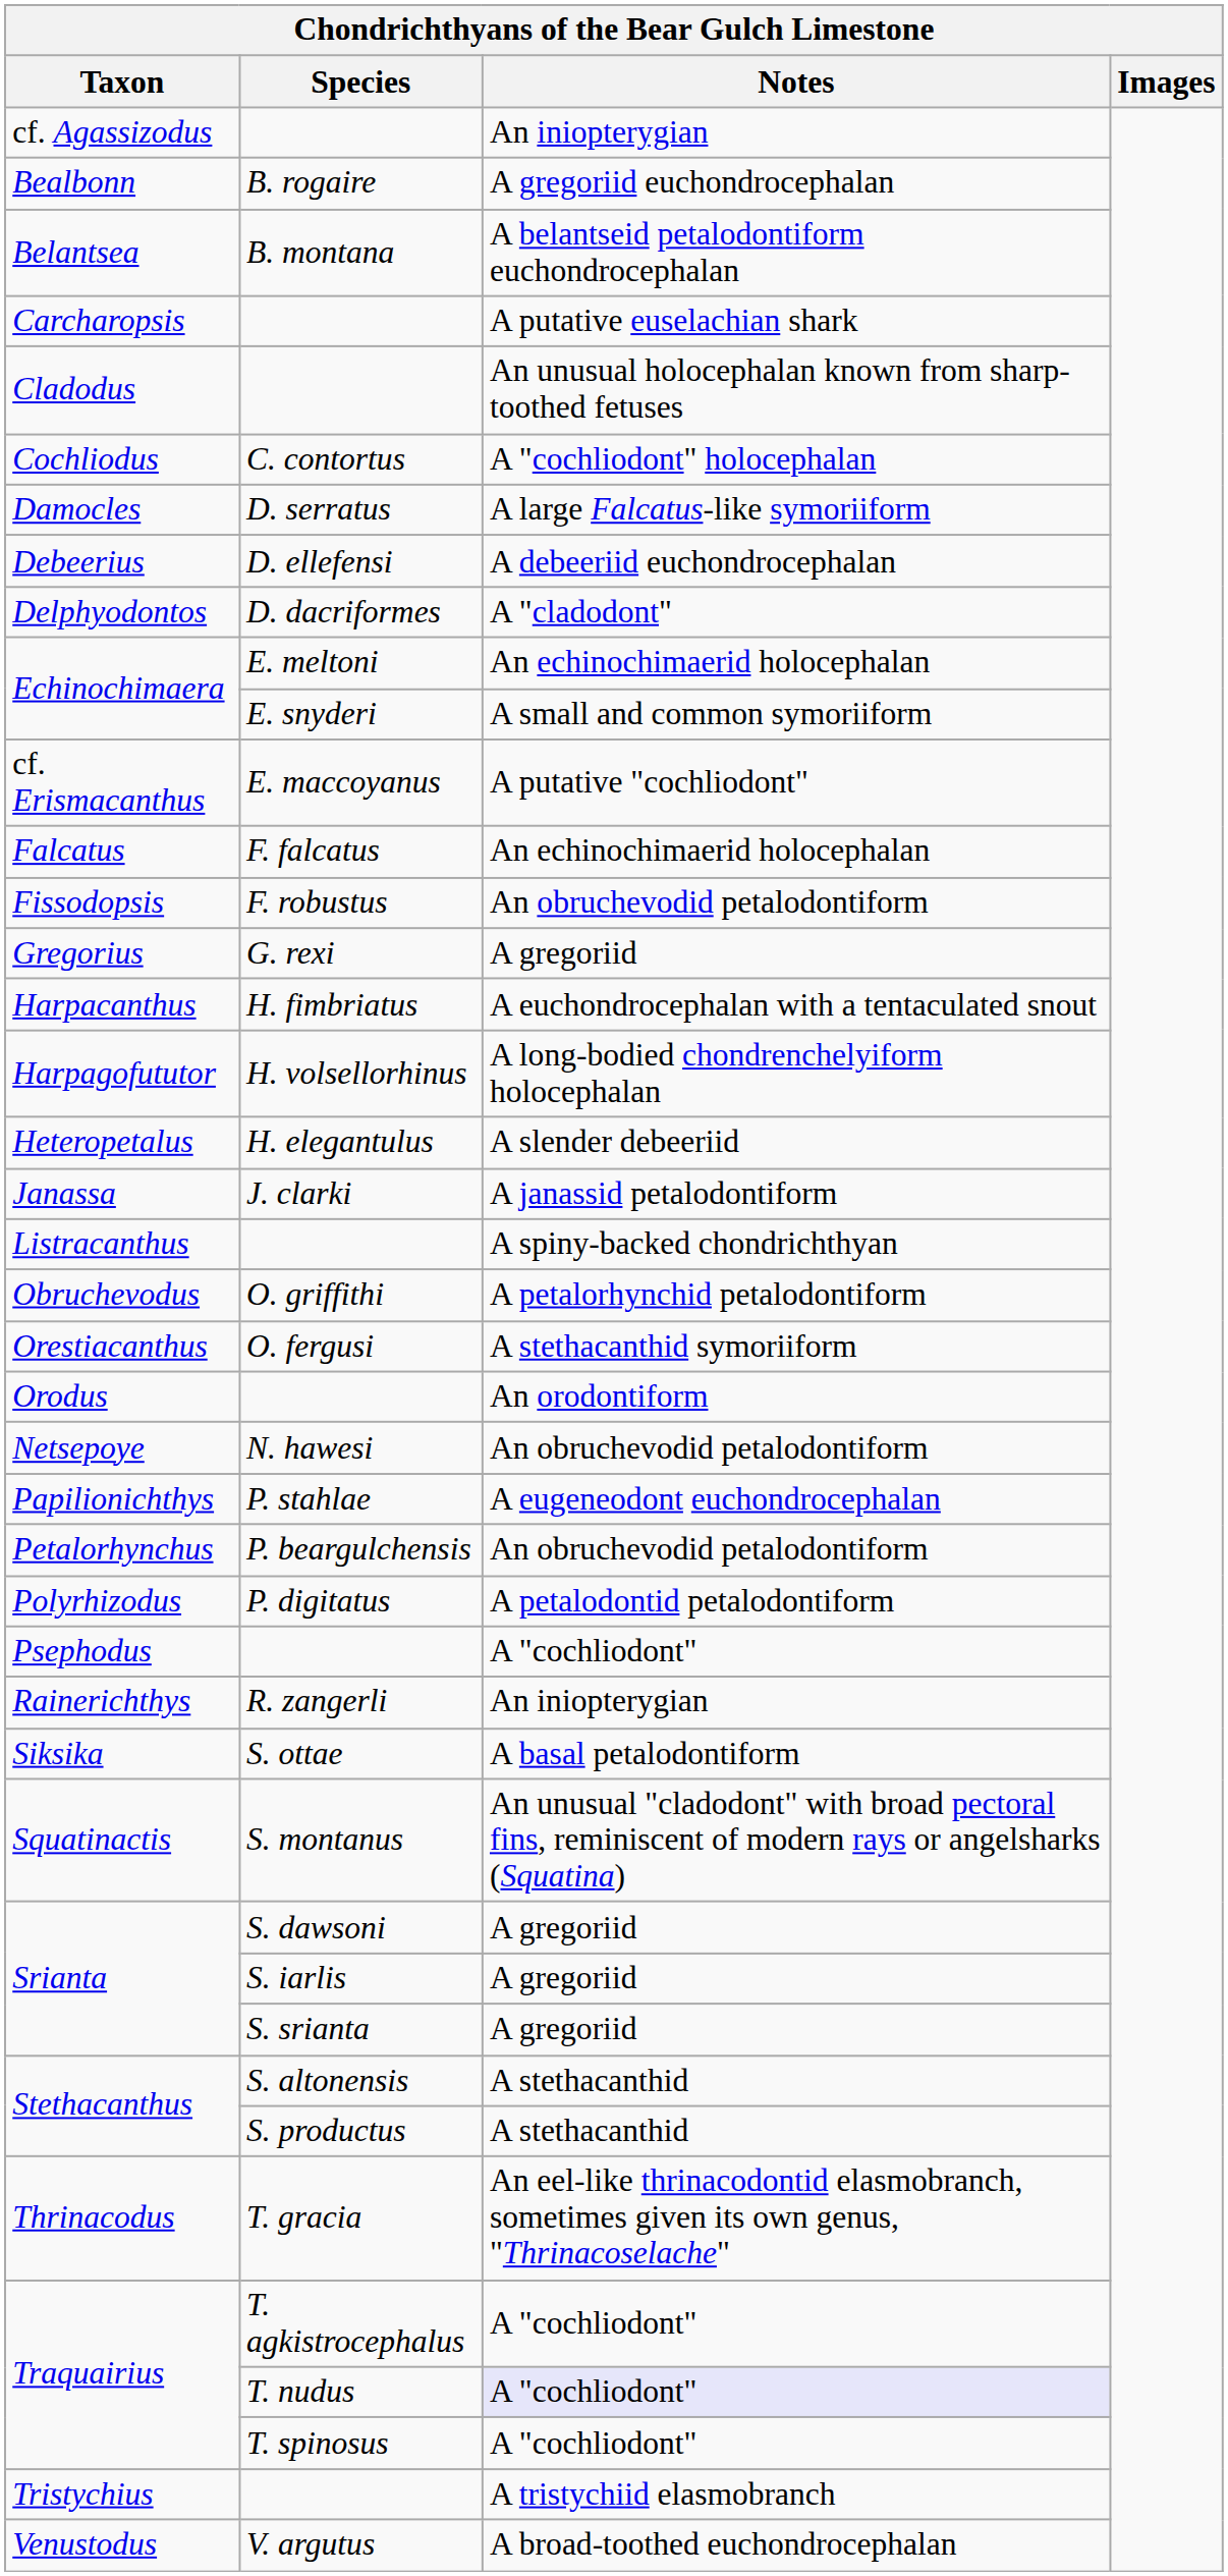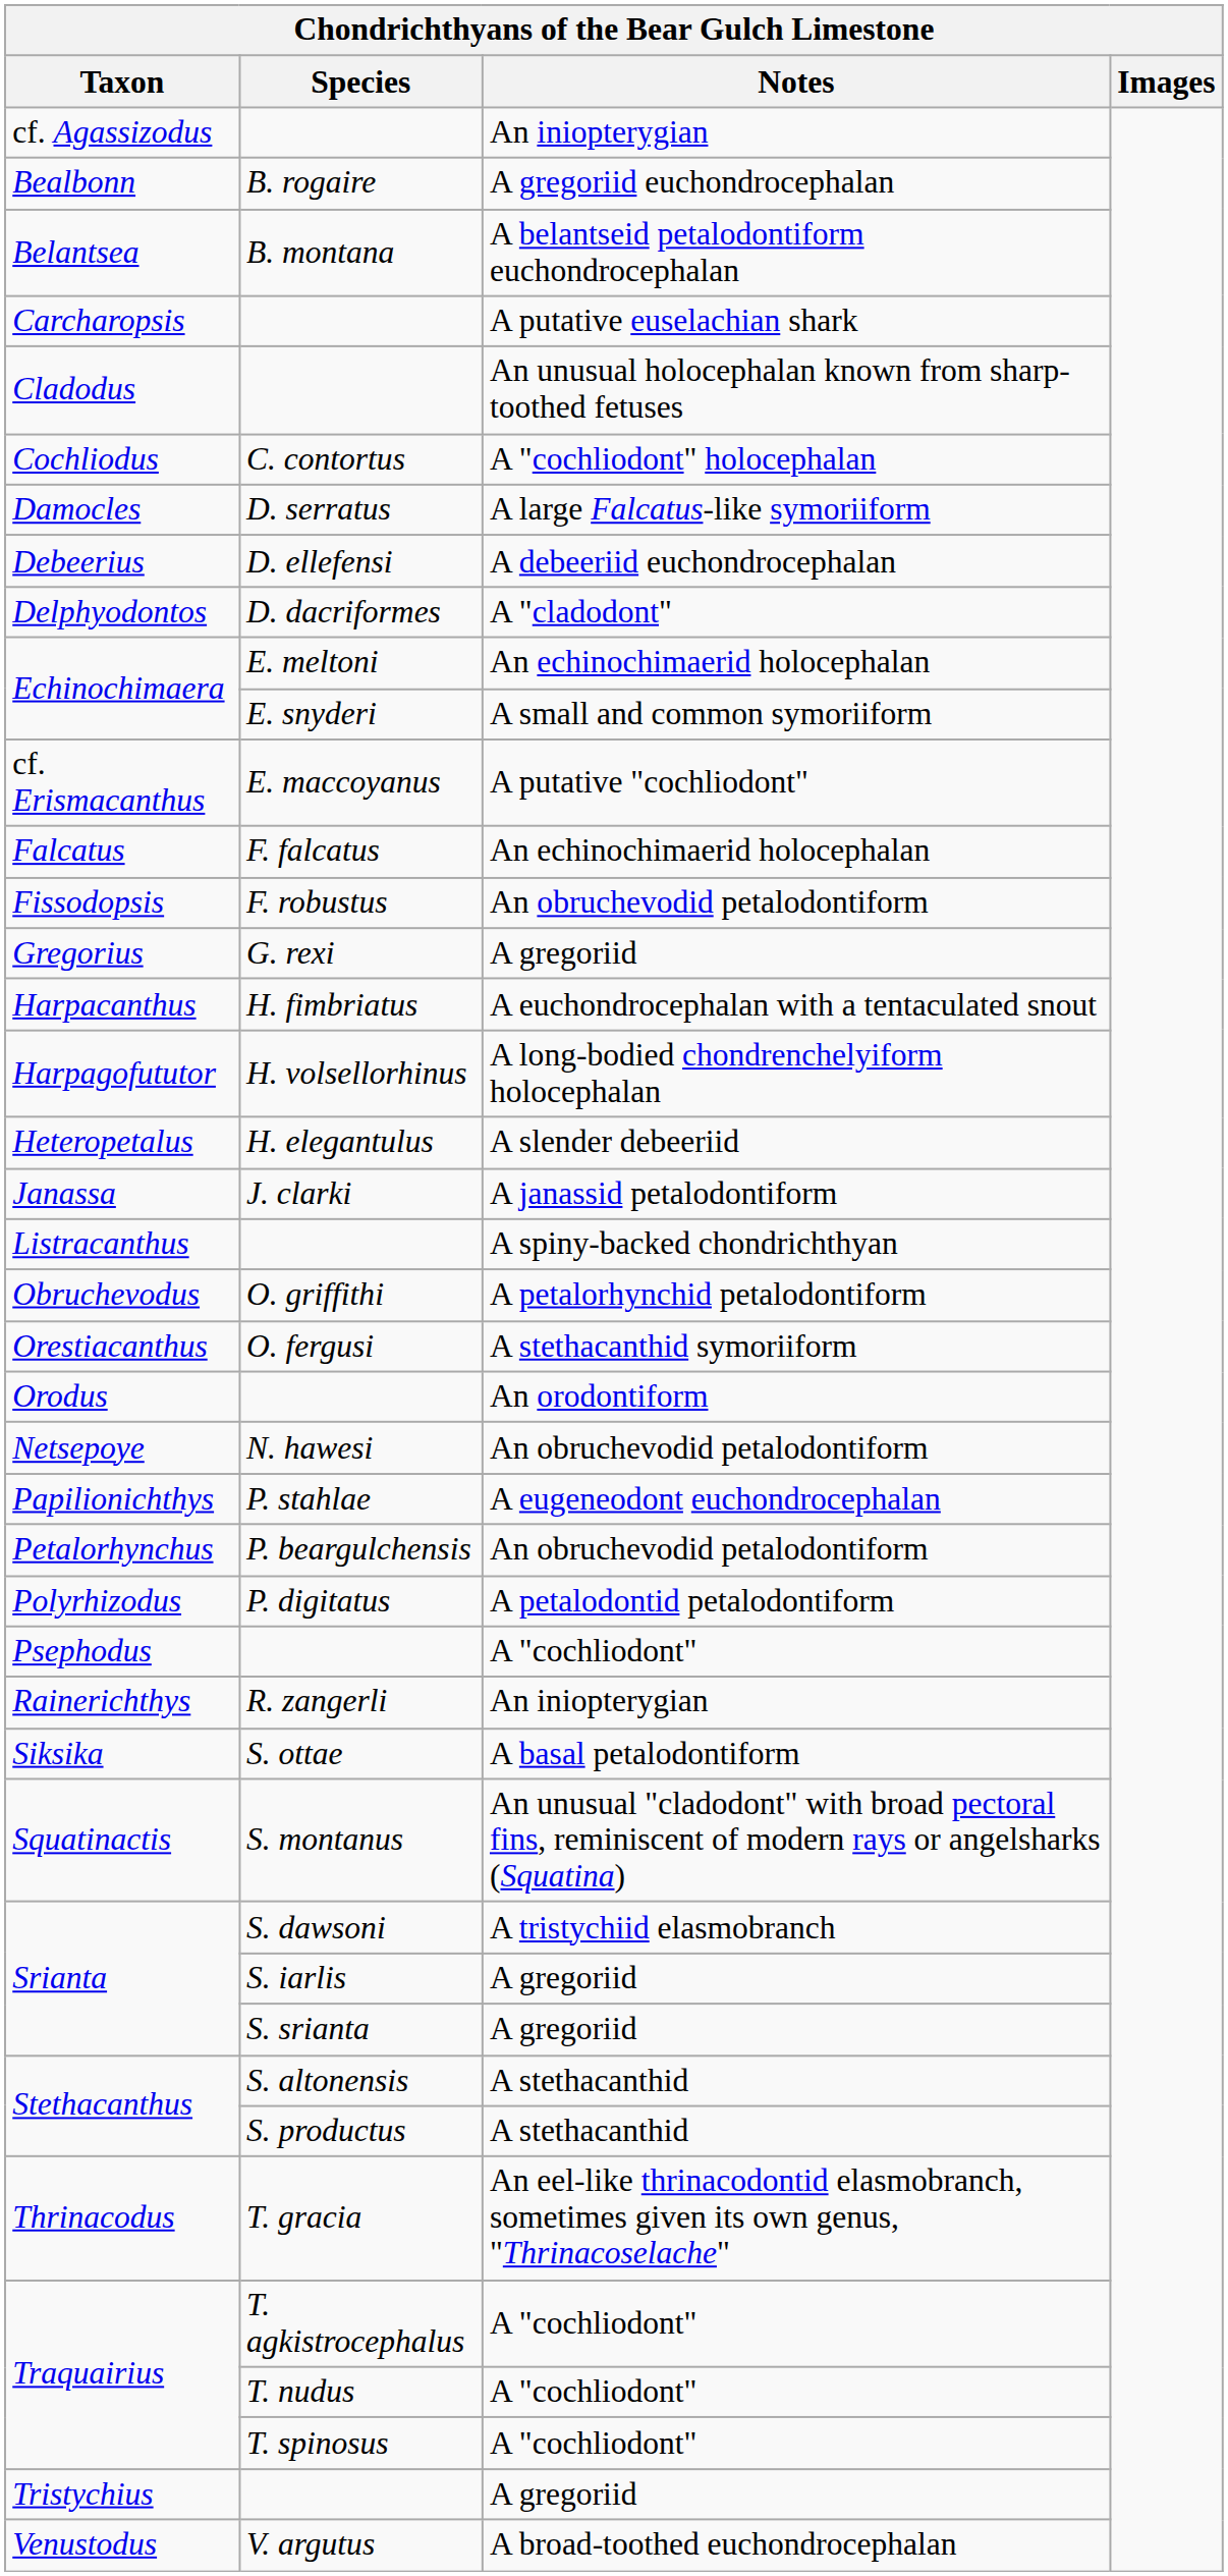 <table class="wikitable" align="center">
 <tr>
 <th colspan="4" align="center"><strong>Chondrichthyans of the Bear Gulch Limestone</strong></th>
 </tr>
 <tr>
 <th>Taxon</th>
 <th>Species</th>
 <th>Notes</th>
 <th>Images</th>
 </tr>
 <tr>
 <td>cf. <em><a href='#'>Agassizodus</a></em></td>
 <td></td>
 <td>An <a href='#'>iniopterygian</a></td>
 <td rowspan="131"><br>       </td>
 </tr>
 <tr>
 <td><em><a href='#'>Bealbonn</a></em></td>
 <td><em>B. rogaire</em></td>
 <td>A <a href='#'>gregoriid</a> euchondrocephalan</td>
 </tr>
 <tr>
 <td><em><a href='#'>Belantsea</a></em></td>
 <td><em>B. montana</em></td>
 <td>A <a href='#'>belantseid</a> <a href='#'>petalodontiform</a> euchondrocephalan</td>
 </tr>
 <tr>
 <td><em><a href='#'>Carcharopsis</a></em></td>
 <td></td>
 <td>A putative <a href='#'>euselachian</a> shark</td>
 </tr>
 <tr>
 <td><em><a href='#'>Cladodus</a></em></td>
 <td></td>
 <td>An unusual holocephalan known from sharp-toothed fetuses</td>
 </tr>
 <tr>
 <td><em><a href='#'>Cochliodus</a></em></td>
 <td><em>C. contortus</em></td>
 <td>A "<a href='#'>cochliodont</a>" <a href='#'>holocephalan</a></td>
 </tr>
 <tr>
 <td><em><a href='#'>Damocles</a></em></td>
 <td><em>D. serratus</em></td>
 <td>A large <em><a href='#'>Falcatus</a></em>-like <a href='#'>symoriiform</a></td>
 </tr>
 <tr>
 <td><em><a href='#'>Debeerius</a></em></td>
 <td><em>D. ellefensi</em></td>
 <td>A <a href='#'>debeeriid</a> euchondrocephalan</td>
 </tr>
 <tr>
 <td><em><a href='#'>Delphyodontos</a></em></td>
 <td><em>D. dacriformes</em></td>
 <td>A "<a href='#'>cladodont</a>"</td>
 </tr>
 <tr>
 <td rowspan="2"><em><a href='#'>Echinochimaera</a></em></td>
 <td><em>E. meltoni</em></td>
 <td>An <a href='#'>echinochimaerid</a> holocephalan</td>
 </tr>
 <tr>
 <td><em>E. snyderi</em></td>
 <td>A small and common symoriiform</td>
 </tr>
 <tr>
 <td>cf. <em><a href='#'>Erismacanthus</a></em></td>
 <td><em>E. maccoyanus</em></td>
 <td>A putative "cochliodont"</td>
 </tr>
 <tr>
 <td><em><a href='#'>Falcatus</a></em></td>
 <td><em>F. falcatus</em></td>
 <td>An echinochimaerid holocephalan</td>
 </tr>
 <tr>
 <td><em><a href='#'>Fissodopsis</a></em></td>
 <td><em>F. robustus</em></td>
 <td>An <a href='#'>obruchevodid</a> petalodontiform</td>
 </tr>
 <tr>
 <td><em><a href='#'>Gregorius</a></em></td>
 <td><em>G. rexi</em></td>
 <td>A gregoriid</td>
 </tr>
 <tr>
 <td><em><a href='#'>Harpacanthus</a></em></td>
 <td><em>H. fimbriatus</em></td>
 <td>A euchondrocephalan with a tentaculated snout</td>
 </tr>
 <tr>
 <td><em><a href='#'>Harpagofututor</a></em></td>
 <td><em>H. volsellorhinus</em></td>
 <td>A long-bodied <a href='#'>chondrenchelyiform</a> holocephalan</td>
 </tr>
 <tr>
 <td><em><a href='#'>Heteropetalus</a></em></td>
 <td><em>H. elegantulus</em></td>
 <td>A slender debeeriid</td>
 </tr>
 <tr>
 <td><em><a href='#'>Janassa</a></em></td>
 <td><em>J. clarki</em></td>
 <td>A <a href='#'>janassid</a> petalodontiform</td>
 </tr>
 <tr>
 <td><em><a href='#'>Listracanthus</a></em></td>
 <td></td>
 <td>A spiny-backed chondrichthyan</td>
 </tr>
 <tr>
 <td><em><a href='#'>Obruchevodus</a></em></td>
 <td><em>O. griffithi</em></td>
 <td>A <a href='#'>petalorhynchid</a> petalodontiform</td>
 </tr>
 <tr>
 <td><em><a href='#'>Orestiacanthus</a></em></td>
 <td><em>O. fergusi</em></td>
 <td>A <a href='#'>stethacanthid</a> symoriiform</td>
 </tr>
 <tr>
 <td><em><a href='#'>Orodus</a></em></td>
 <td></td>
 <td>An <a href='#'>orodontiform</a></td>
 </tr>
 <tr>
 <td><em><a href='#'>Netsepoye</a></em></td>
 <td><em>N. hawesi</em></td>
 <td>An obruchevodid petalodontiform</td>
 </tr>
 <tr>
 <td><em><a href='#'>Papilionichthys</a></em></td>
 <td><em>P. stahlae</em></td>
 <td>A <a href='#'>eugeneodont</a> <a href='#'>euchondrocephalan</a></td>
 </tr>
 <tr>
 <td><em><a href='#'>Petalorhynchus</a></em></td>
 <td><em>P. beargulchensis</em></td>
 <td>An obruchevodid petalodontiform</td>
 </tr>
 <tr>
 <td><em><a href='#'>Polyrhizodus</a></em></td>
 <td><em>P. digitatus</em></td>
 <td>A <a href='#'>petalodontid</a> petalodontiform</td>
 </tr>
 <tr>
 <td><em><a href='#'>Psephodus</a></em></td>
 <td></td>
 <td>A "cochliodont"</td>
 </tr>
 <tr>
 <td><em><a href='#'>Rainerichthys</a></em></td>
 <td><em>R. zangerli</em></td>
 <td>An iniopterygian</td>
 </tr>
 <tr>
 <td><em><a href='#'>Siksika</a></em></td>
 <td><em>S. ottae</em></td>
 <td>A <a href='#'>basal</a> petalodontiform</td>
 </tr>
 <tr>
 <td><em><a href='#'>Squatinactis</a></em></td>
 <td><em>S. montanus</em></td>
 <td>An unusual "cladodont" with broad <a href='#'>pectoral fins</a>, reminiscent of modern <a href='#'>rays</a> or angelsharks (<em><a href='#'>Squatina</a></em>)</td>
 </tr>
 <tr>
 <td rowspan="3"><em><a href='#'>Srianta</a></em></td>
 <td><em>S. dawsoni</em></td>
-<td>A gregoriid</td>
+<td>A <a href='#'>tristychiid</a> elasmobranch</td>
 </tr>
 <tr>
 <td><em>S. iarlis</em></td>
 <td>A gregoriid</td>
 </tr>
 <tr>
 <td><em>S. srianta</em></td>
 <td>A gregoriid</td>
 </tr>
 <tr>
 <td rowspan="2"><em><a href='#'>Stethacanthus</a></em></td>
 <td><em>S. altonensis</em></td>
 <td>A stethacanthid</td>
 </tr>
 <tr>
 <td><em>S. productus</em></td>
 <td>A stethacanthid</td>
 </tr>
 <tr>
 <td><em><a href='#'>Thrinacodus</a></em></td>
 <td><em>T. gracia</em></td>
 <td>An eel-like <a href='#'>thrinacodontid</a> elasmobranch, sometimes given its own genus, "<em><a href='#'>Thrinacoselache</a></em>"</td>
 </tr>
 <tr>
 <td rowspan="3"><em><a href='#'>Traquairius</a></em></td>
 <td><em>T. agkistrocephalus</em></td>
 <td>A "cochliodont"</td>
 </tr>
 <tr>
 <td><em>T. nudus</em></td>
-<td style="background: lavender;">A "cochliodont"</td>
+<td>A "cochliodont"</td>
 </tr>
 <tr>
 <td><em>T. spinosus</em></td>
 <td>A "cochliodont"</td>
 </tr>
 <tr>
 <td><em><a href='#'>Tristychius</a></em></td>
 <td></td>
-<td>A <a href='#'>tristychiid</a> elasmobranch</td>
+<td>A gregoriid</td>
 </tr>
 <tr>
 <td><em><a href='#'>Venustodus</a></em></td>
 <td><em>V. argutus</em></td>
 <td>A broad-toothed euchondrocephalan</td>
 </tr>
 </table>
